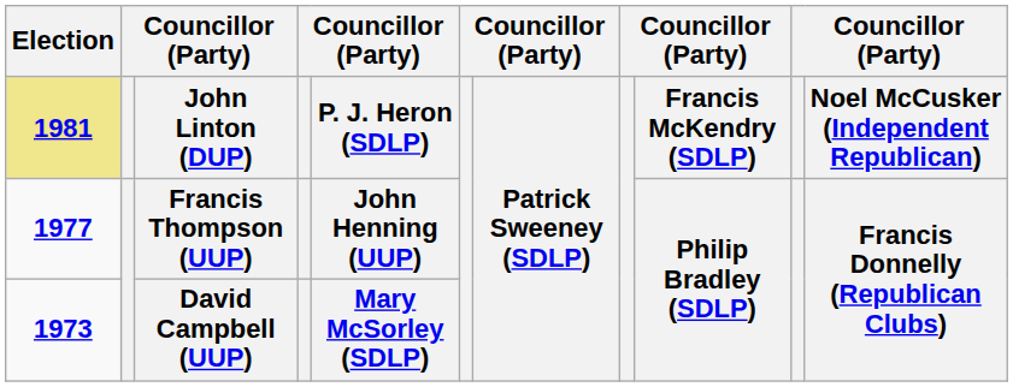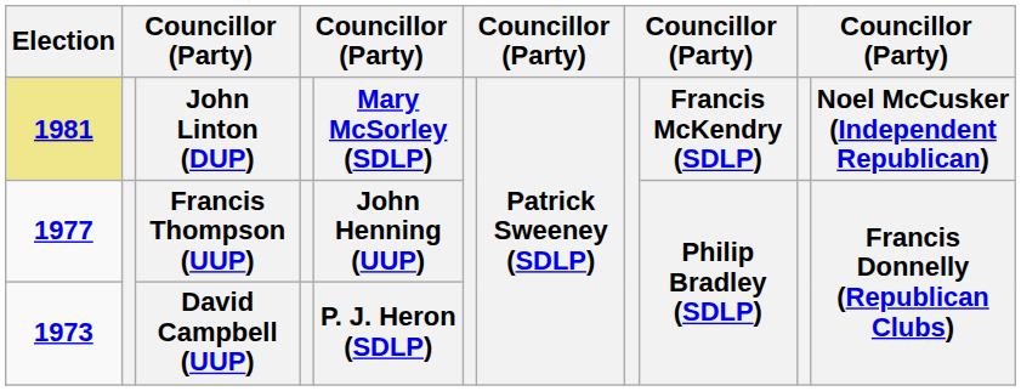 <table class="wikitable" style="text-align:center">
 <tr>
 <th scope="col" width="50">Election</th>
 <th scope="col" width="150" colspan = "2">Councillor<br> (Party)</th>
 <th scope="col" width="150" colspan = "2">Councillor<br> (Party)</th>
 <th scope="col" width="150" colspan = "2">Councillor<br> (Party)</th>
 <th scope="col" width="150" colspan = "2">Councillor<br> (Party)</th>
 <th scope="col" width="150" colspan = "2">Councillor<br> (Party)</th>
 </tr>
 <tr>
 <td style="background: khaki;"><strong><a href='#'>1981</a></strong></td>
 <th rowspan="1" width="1" style="background-color: "></th>
 <th rowspan = "1">John Linton <br> (<a href='#'>DUP</a>)</th>
 <th rowspan="1" width="1" style="background-color: "></th>
-<th rowspan = "1">P. J. Heron <br> (<a href='#'>SDLP</a>)</th>
+<th rowspan = "1"><a href='#'>Mary McSorley</a> <br> (<a href='#'>SDLP</a>)</th>
 <th rowspan="3" width="1" style="background-color: "></th>
 <th rowspan = "3">Patrick Sweeney <br> (<a href='#'>SDLP</a>)</th>
 <th rowspan="3" width="1" style="background-color: "></th>
 <th rowspan = "1">Francis McKendry <br> (<a href='#'>SDLP</a>)</th>
 <th rowspan="1" width="1" style="background-color: "></th>
 <th rowspan = "1">Noel McCusker <br> (<a href='#'>Independent Republican</a>)</th>
 </tr>
 <tr>
 <td><strong><a href='#'>1977</a></strong></td>
 <th rowspan="2" width="1" style="background-color: "></th>
 <th rowspan = "1">Francis Thompson <br> (<a href='#'>UUP</a>)</th>
 <th rowspan="1" width="1" style="background-color: "></th>
 <th rowspan = "1">John Henning <br> (<a href='#'>UUP</a>)</th>
 <th rowspan = "2">Philip Bradley <br> (<a href='#'>SDLP</a>)</th>
 <th rowspan="2" width="1" style="background-color: "></th>
 <th rowspan = "2">Francis Donnelly <br> (<a href='#'>Republican Clubs</a>)</th>
 </tr>
 <tr>
 <td><strong><a href='#'>1973</a></strong></td>
 <th rowspan = "1">David Campbell <br> (<a href='#'>UUP</a>)</th>
 <th rowspan="1" width="1" style="background-color: "></th>
-<th rowspan = "1"><a href='#'>Mary McSorley</a> <br> (<a href='#'>SDLP</a>)</th>
+<th rowspan = "1">P. J. Heron <br> (<a href='#'>SDLP</a>)</th>
 </tr>
 </table>
